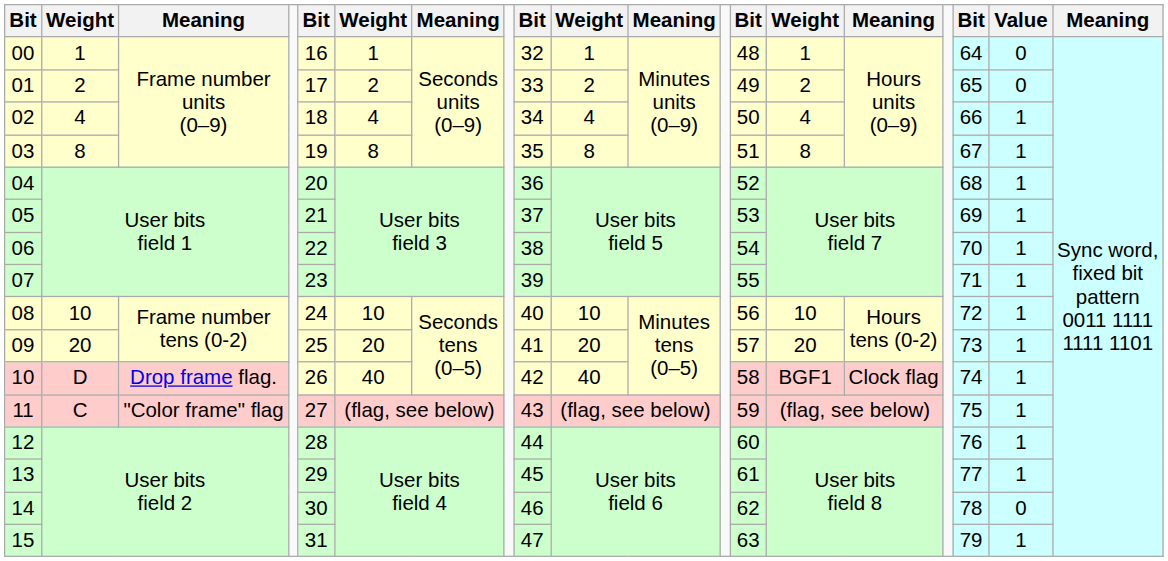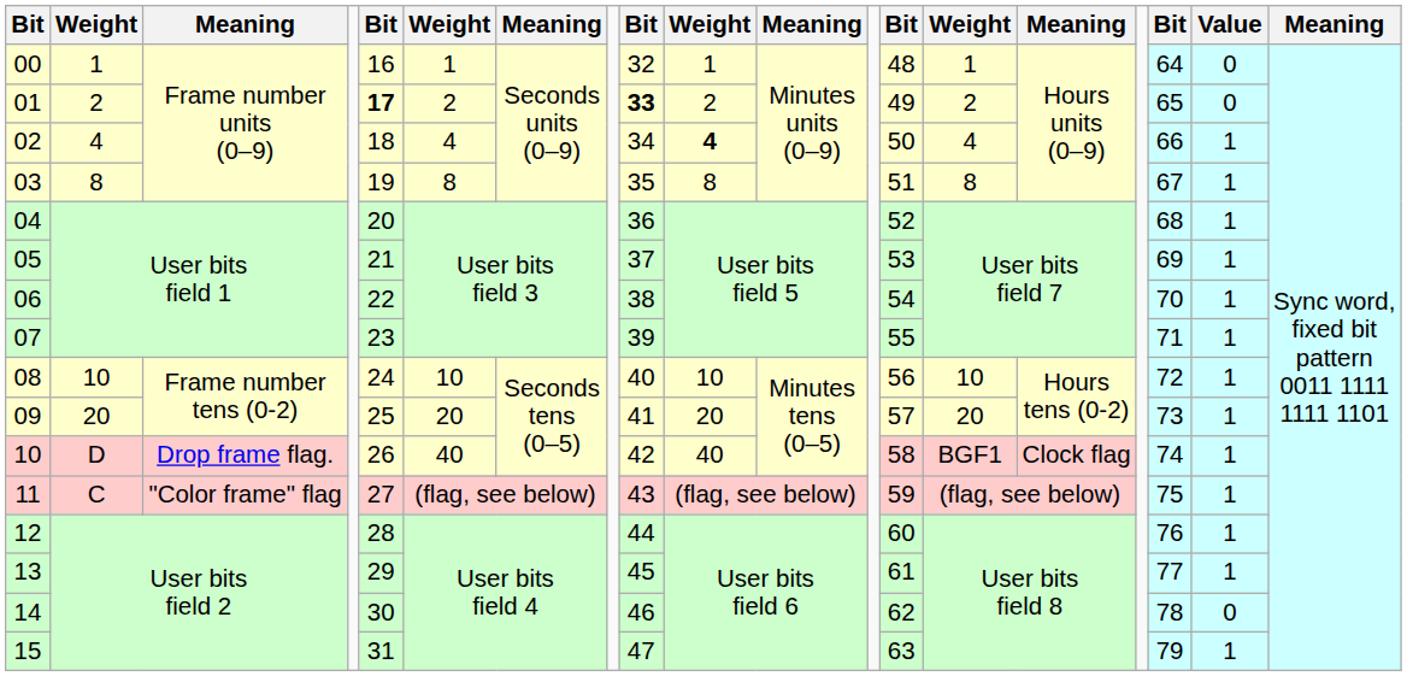 <table class=wikitable style="text-align:center">
 <tr>
 <th>Bit</th>
 <th>Weight</th>
 <th>Meaning</th>
 <td rowspan=17></td>
 <th>Bit</th>
 <th>Weight</th>
 <th>Meaning</th>
 <td rowspan=17></td>
 <th>Bit</th>
 <th>Weight</th>
 <th>Meaning</th>
 <td rowspan=17></td>
 <th>Bit</th>
 <th>Weight</th>
 <th>Meaning</th>
 <td rowspan=17></td>
 <th>Bit</th>
 <th>Value</th>
 <th>Meaning</th>
 </tr>
 <tr bgcolor=#ffffcc>
 <td>00</td>
 <td>1</td>
 <td rowspan=4>Frame number<br>units<br>(0–9)</td>
 <td>16</td>
 <td>1</td>
 <td rowspan=4>Seconds<br>units<br>(0–9)</td>
 <td>32</td>
 <td>1</td>
 <td rowspan=4>Minutes<br>units<br>(0–9)</td>
 <td>48</td>
 <td>1</td>
 <td rowspan=4>Hours<br>units<br>(0–9)</td>
 <td bgcolor=#ccffff>64</td>
 <td bgcolor=#ccffff>0</td>
 <td rowspan=16 bgcolor=#ccffff>Sync word,<br>fixed bit<br>pattern<br>0011 1111<br>1111 1101</td>
 </tr>
 <tr bgcolor=#ffffcc>
 <td>01</td>
 <td>2</td>
-<td>17</td>
+<td><strong>17</strong></td>
 <td>2</td>
-<td>33</td>
+<td><strong>33</strong></td>
 <td>2</td>
 <td>49</td>
 <td>2</td>
 <td bgcolor=#ccffff>65</td>
 <td bgcolor=#ccffff>0</td>
 </tr>
 <tr bgcolor=#ffffcc>
 <td>02</td>
 <td>4</td>
 <td>18</td>
 <td>4</td>
 <td>34</td>
-<td>4</td>
+<td><strong>4</strong></td>
 <td>50</td>
 <td>4</td>
 <td bgcolor=#ccffff>66</td>
 <td bgcolor=#ccffff>1</td>
 </tr>
 <tr bgcolor=#ffffcc>
 <td>03</td>
 <td>8</td>
 <td>19</td>
 <td>8</td>
 <td>35</td>
 <td>8</td>
 <td>51</td>
 <td>8</td>
 <td bgcolor=#ccffff>67</td>
 <td bgcolor=#ccffff>1</td>
 </tr>
 <tr bgcolor=#ccffcc>
 <td>04</td>
 <td rowspan=4 colspan=2>User bits<br>field 1</td>
 <td>20</td>
 <td rowspan=4 colspan=2>User bits<br>field 3</td>
 <td>36</td>
 <td rowspan=4 colspan=2>User bits<br>field 5</td>
 <td>52</td>
 <td rowspan=4 colspan=2>User bits<br>field 7</td>
 <td bgcolor=#ccffff>68</td>
 <td bgcolor=#ccffff>1</td>
 </tr>
 <tr bgcolor=#ccffcc>
 <td>05</td>
 <td>21</td>
 <td>37</td>
 <td>53</td>
 <td bgcolor=#ccffff>69</td>
 <td bgcolor=#ccffff>1</td>
 </tr>
 <tr bgcolor=#ccffcc>
 <td>06</td>
 <td>22</td>
 <td>38</td>
 <td>54</td>
 <td bgcolor=#ccffff>70</td>
 <td bgcolor=#ccffff>1</td>
 </tr>
 <tr bgcolor=#ccffcc>
 <td>07</td>
 <td>23</td>
 <td>39</td>
 <td>55</td>
 <td bgcolor=#ccffff>71</td>
 <td bgcolor=#ccffff>1</td>
 </tr>
 <tr bgcolor=#ffffcc>
 <td>08</td>
 <td>10</td>
 <td rowspan=2>Frame number<br>tens (0-2)</td>
 <td>24</td>
 <td>10</td>
 <td rowspan=3>Seconds<br>tens<br>(0–5)</td>
 <td>40</td>
 <td>10</td>
 <td rowspan=3>Minutes<br>tens<br>(0–5)</td>
 <td>56</td>
 <td>10</td>
 <td rowspan=2>Hours<br>tens (0-2)</td>
 <td bgcolor=#ccffff>72</td>
 <td bgcolor=#ccffff>1</td>
 </tr>
 <tr bgcolor=#ffffcc>
 <td>09</td>
 <td>20</td>
 <td>25</td>
 <td>20</td>
 <td>41</td>
 <td>20</td>
 <td>57</td>
 <td>20</td>
 <td bgcolor=#ccffff>73</td>
 <td bgcolor=#ccffff>1</td>
 </tr>
 <tr bgcolor=#ffffcc>
 <td bgcolor=#ffcccc>10</td>
 <td bgcolor=#ffcccc>D</td>
 <td bgcolor=#ffcccc><a href='#'>Drop frame</a> flag.</td>
 <td>26</td>
 <td>40</td>
 <td>42</td>
 <td>40</td>
 <td bgcolor=ffcccc>58</td>
 <td bgcolor=ffcccc>BGF1</td>
 <td bgcolor=ffcccc>Clock flag</td>
 <td bgcolor=#ccffff>74</td>
 <td bgcolor=#ccffff>1</td>
 </tr>
 <tr bgcolor=#ffcccc>
 <td>11</td>
 <td>C</td>
 <td>"Color frame" flag</td>
 <td>27</td>
 <td colspan=2>(flag, see below)</td>
 <td>43</td>
 <td colspan=2>(flag, see below)</td>
 <td>59</td>
 <td colspan=2>(flag, see below)</td>
 <td bgcolor=#ccffff>75</td>
 <td bgcolor=#ccffff>1</td>
 </tr>
 <tr bgcolor=#ccffcc>
 <td>12</td>
 <td rowspan=4 colspan=2>User bits<br>field 2</td>
 <td>28</td>
 <td rowspan=4 colspan=2>User bits<br>field 4</td>
 <td>44</td>
 <td rowspan=4 colspan=2>User bits<br>field 6</td>
 <td>60</td>
 <td rowspan=4 colspan=2>User bits<br>field 8</td>
 <td bgcolor=#ccffff>76</td>
 <td bgcolor=#ccffff>1</td>
 </tr>
 <tr bgcolor=#ccffcc>
 <td>13</td>
 <td>29</td>
 <td>45</td>
 <td>61</td>
 <td bgcolor=#ccffff>77</td>
 <td bgcolor=#ccffff>1</td>
 </tr>
 <tr bgcolor=#ccffcc>
 <td>14</td>
 <td>30</td>
 <td>46</td>
 <td>62</td>
 <td bgcolor=#ccffff>78</td>
 <td bgcolor=#ccffff>0</td>
 </tr>
 <tr bgcolor=#ccffcc>
 <td>15</td>
 <td>31</td>
 <td>47</td>
 <td>63</td>
 <td bgcolor=#ccffff>79</td>
 <td bgcolor=#ccffff>1</td>
 </tr>
 </table>
